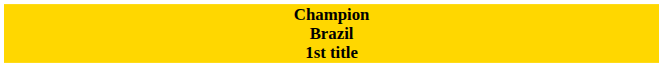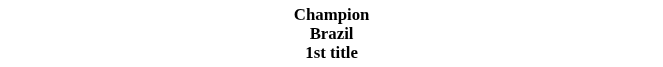 <table width="100%" cellspacing="0">
 <tr>
 <td align="center"></td>
 </tr>
 <tr>
-<td align="center" style="background: gold;"><strong>Champion<br>Brazil<br>1st title</strong></td>
+<td align="center"><strong>Champion<br>Brazil<br>1st title</strong></td>
 </tr>
 </table>
